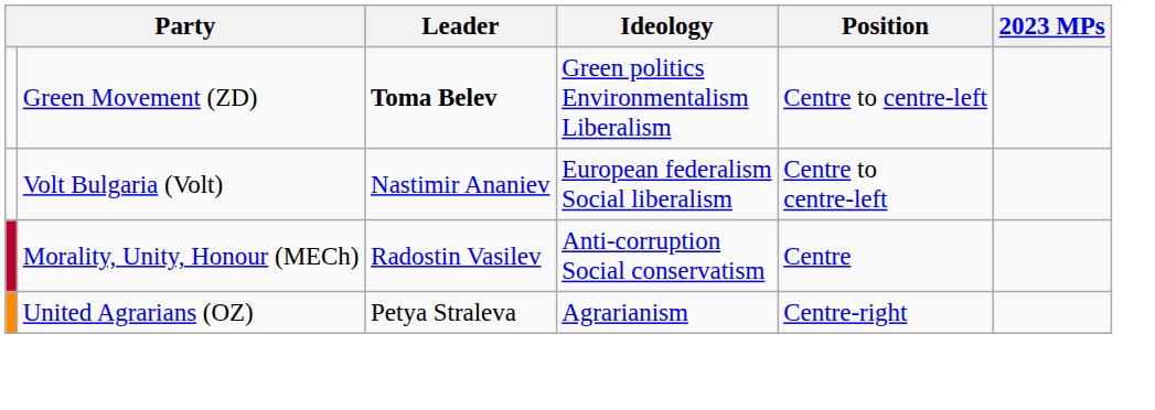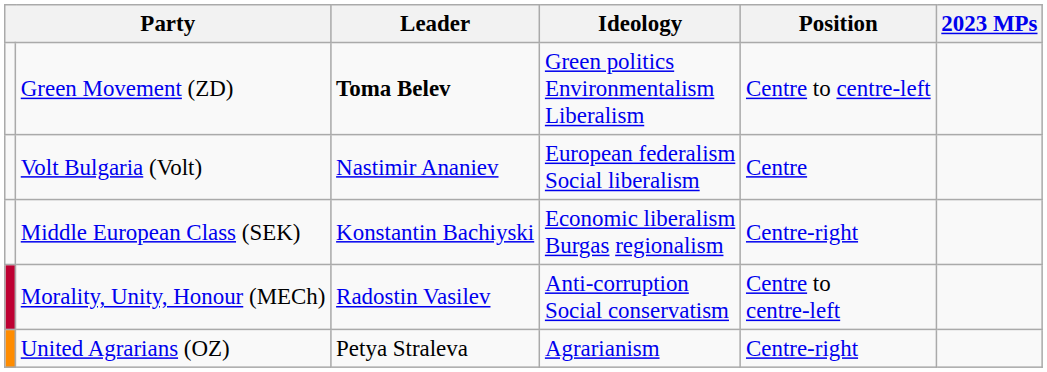 <table class="wikitable" style="font-size:95%; white-space: nowrap">
 <tr>
 <th style="width:200px" colspan="2">Party</th>
 <th style="width:100px">Leader</th>
 <th style="width:120px">Ideology</th>
 <th style="width:100px">Position</th>
 <th><a href='#'>2023 MPs</a></th>
 </tr>
 <tr>
 <td style="background:"></td>
 <td><a href='#'>Green Movement</a> (ZD)</td>
 <td><strong>Toma Belev</strong></td>
 <td><a href='#'>Green politics</a><br><a href='#'>Environmentalism</a><br><a href='#'>Liberalism</a></td>
 <td><a href='#'>Centre</a> to <a href='#'>centre-left</a></td>
 <td></td>
 </tr>
 <tr>
 <td style="background:"></td>
 <td><a href='#'>Volt Bulgaria</a> (Volt)</td>
 <td><a href='#'>Nastimir Ananiev</a></td>
 <td><a href='#'>European federalism</a><br><a href='#'>Social liberalism</a></td>
-<td><a href='#'>Centre</a> to<br><a href='#'>centre-left</a></td>
+<td><a href='#'>Centre</a></td>
+<td></td>
+</tr>
+<tr>
+<td style="background:"></td>
+<td><a href='#'>Middle European Class</a> (SEK)</td>
+<td><a href='#'>Konstantin Bachiyski</a></td>
+<td><a href='#'>Economic liberalism</a><br><a href='#'>Burgas</a> <a href='#'>regionalism</a></td>
+<td><a href='#'>Centre-right</a></td>
 <td></td>
 </tr>
 <tr>
 <td style="background:#BE0032"></td>
 <td><a href='#'>Morality, Unity, Honour</a> (MECh)</td>
 <td><a href='#'>Radostin Vasilev</a></td>
 <td><a href='#'>Anti-corruption</a><br><a href='#'>Social conservatism</a></td>
-<td><a href='#'>Centre</a></td>
+<td><a href='#'>Centre</a> to<br><a href='#'>centre-left</a></td>
 <td></td>
 </tr>
 <tr>
 <td style="background:#FF8C00"></td>
 <td><a href='#'>United Agrarians</a> (OZ)</td>
 <td>Petya Straleva</td>
 <td><a href='#'>Agrarianism</a></td>
 <td><a href='#'>Centre-right</a></td>
 <td></td>
 </tr>
 </table>
